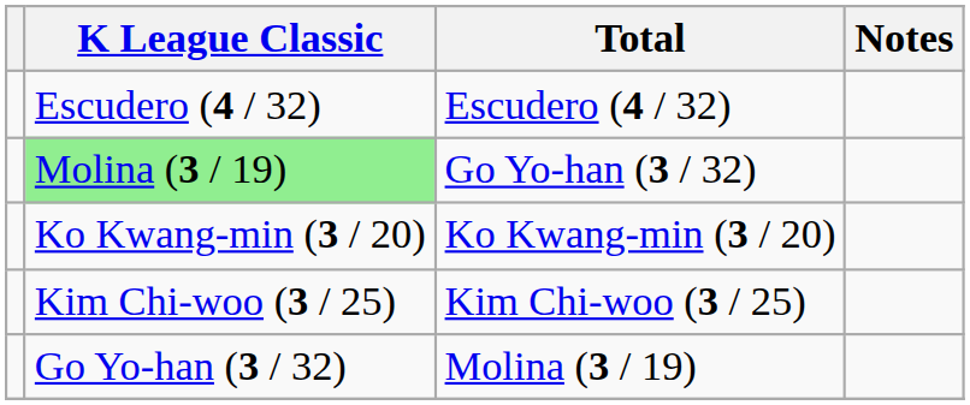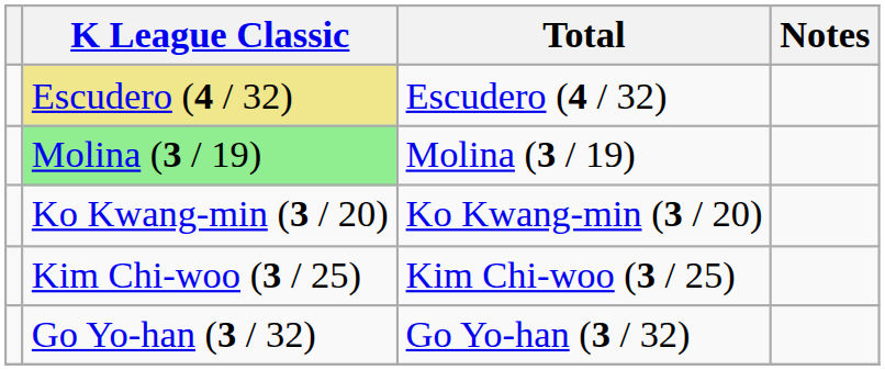 <table class="wikitable" style="text-align:left">
 <tr>
 <th></th>
 <th><a href='#'>K League Classic</a></th>
 <th>Total</th>
 <th>Notes</th>
 </tr>
 <tr>
 <td></td>
-<td> <a href='#'>Escudero</a> (<strong>4</strong> / 32)</td>
+<td style="background: khaki;"> <a href='#'>Escudero</a> (<strong>4</strong> / 32)</td>
 <td> <a href='#'>Escudero</a> (<strong>4</strong> / 32)</td>
 <td></td>
 </tr>
 <tr>
 <td></td>
 <td style="background: lightgreen;"> <a href='#'>Molina</a> (<strong>3</strong> / 19)</td>
-<td> <a href='#'>Go Yo-han</a> (<strong>3</strong> / 32)</td>
+<td> <a href='#'>Molina</a> (<strong>3</strong> / 19)</td>
 <td></td>
 </tr>
 <tr>
 <td></td>
 <td> <a href='#'>Ko Kwang-min</a> (<strong>3</strong> / 20)</td>
 <td> <a href='#'>Ko Kwang-min</a> (<strong>3</strong> / 20)</td>
 <td></td>
 </tr>
 <tr>
 <td></td>
 <td> <a href='#'>Kim Chi-woo</a> (<strong>3</strong> / 25)</td>
 <td> <a href='#'>Kim Chi-woo</a> (<strong>3</strong> / 25)</td>
 <td></td>
 </tr>
 <tr>
 <td></td>
 <td> <a href='#'>Go Yo-han</a> (<strong>3</strong> / 32)</td>
-<td> <a href='#'>Molina</a> (<strong>3</strong> / 19)</td>
+<td> <a href='#'>Go Yo-han</a> (<strong>3</strong> / 32)</td>
 <td></td>
 </tr>
 <tr>
 </tr>
 </table>
